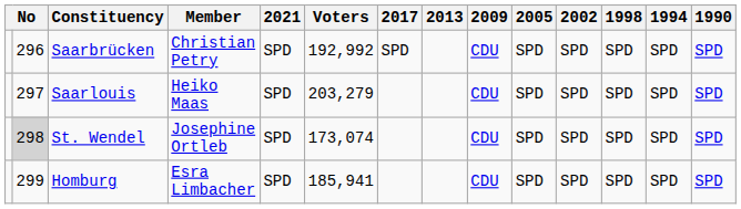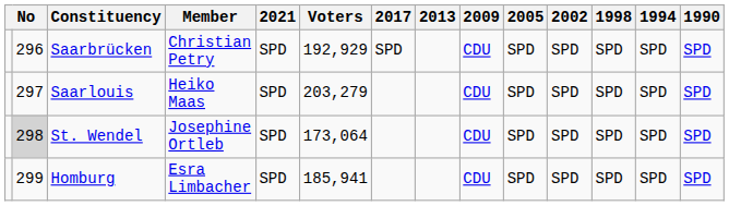 <table class="wikitable sortable">
 <tr>
 <th colspan=2>No</th>
 <th>Constituency</th>
 <th>Member</th>
 <th>2021</th>
 <th>Voters</th>
 <th>2017</th>
 <th>2013</th>
 <th>2009</th>
 <th>2005</th>
 <th>2002</th>
 <th>1998</th>
 <th>1994</th>
 <th>1990</th>
 </tr>
 <tr>
 <td style="background-color: "></td>
 <td>296</td>
 <td><a href='#'>Saarbrücken</a></td>
 <td><a href='#'>Christian Petry</a></td>
 <td bgcolor=>SPD</td>
-<td>192,992</td>
+<td>192,929</td>
 <td bgcolor=>SPD</td>
 <td></td>
 <td><a href='#'>CDU</a></td>
 <td bgcolor=>SPD</td>
 <td bgcolor=>SPD</td>
 <td bgcolor=>SPD</td>
 <td bgcolor=>SPD</td>
 <td><a href='#'>SPD</a></td>
 </tr>
 <tr>
 <td style="background-color: "></td>
 <td>297</td>
 <td><a href='#'>Saarlouis</a></td>
 <td><a href='#'>Heiko Maas</a></td>
 <td bgcolor=>SPD</td>
 <td>203,279</td>
 <td></td>
 <td></td>
 <td><a href='#'>CDU</a></td>
 <td bgcolor=>SPD</td>
 <td bgcolor=>SPD</td>
 <td bgcolor=>SPD</td>
 <td bgcolor=>SPD</td>
 <td><a href='#'>SPD</a></td>
 </tr>
 <tr>
 <td style="background-color: "></td>
 <td style="background: lightgrey;">298</td>
 <td><a href='#'>St. Wendel</a></td>
 <td><a href='#'>Josephine Ortleb</a></td>
 <td bgcolor=>SPD</td>
-<td>173,074</td>
+<td>173,064</td>
 <td></td>
 <td></td>
 <td><a href='#'>CDU</a></td>
 <td bgcolor=>SPD</td>
 <td bgcolor=>SPD</td>
 <td bgcolor=>SPD</td>
 <td bgcolor=>SPD</td>
 <td><a href='#'>SPD</a></td>
 </tr>
 <tr>
 <td style="background-color: "></td>
 <td>299</td>
 <td><a href='#'>Homburg</a></td>
 <td><a href='#'>Esra Limbacher</a></td>
 <td bgcolor=>SPD</td>
 <td>185,941</td>
 <td></td>
 <td></td>
 <td><a href='#'>CDU</a></td>
 <td bgcolor=>SPD</td>
 <td bgcolor=>SPD</td>
 <td bgcolor=>SPD</td>
 <td bgcolor=>SPD</td>
 <td><a href='#'>SPD</a></td>
 </tr>
 </table>
